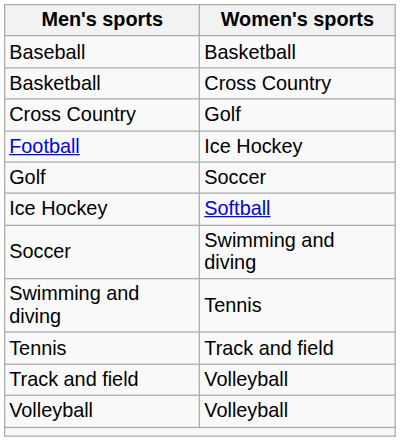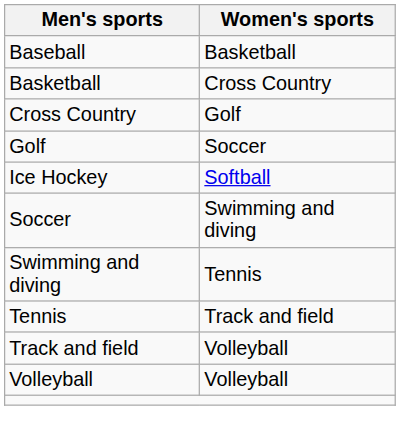 <table class="wikitable"; style= "text-align: ">
 <tr>
 <th width=150px>Men's sports</th>
 <th width=150px>Women's sports</th>
 </tr>
 <tr>
 <td>Baseball</td>
 <td>Basketball</td>
 </tr>
 <tr>
 <td>Basketball</td>
 <td>Cross Country</td>
 </tr>
 <tr>
 <td>Cross Country</td>
 <td>Golf</td>
-</tr>
-<tr>
-<td><a href='#'>Football</a></td>
-<td>Ice Hockey</td>
 </tr>
 <tr>
 <td>Golf</td>
 <td>Soccer</td>
 </tr>
 <tr>
 <td>Ice Hockey</td>
 <td><a href='#'>Softball</a></td>
 </tr>
 <tr>
 <td>Soccer</td>
 <td>Swimming and diving</td>
 </tr>
 <tr>
 <td>Swimming and diving</td>
 <td>Tennis</td>
 </tr>
 <tr>
 <td>Tennis</td>
 <td>Track and field</td>
 </tr>
 <tr>
 <td>Track and field</td>
 <td>Volleyball</td>
 </tr>
 <tr>
 <td>Volleyball</td>
 <td>Volleyball</td>
 </tr>
 <tr>
 <td colspan=2></td>
 </tr>
 </table>
